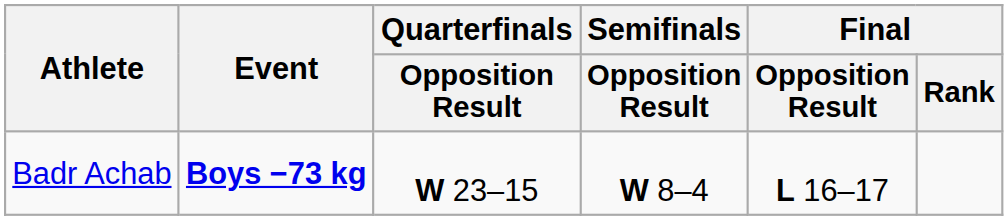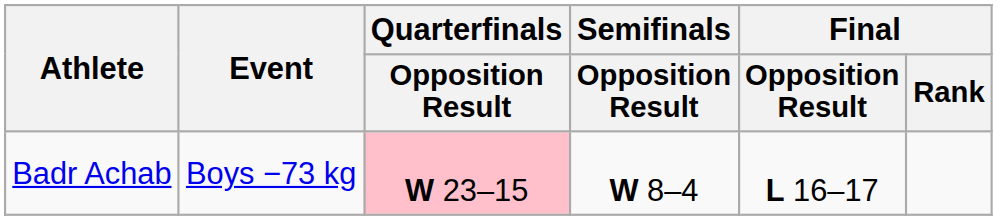 <table class="wikitable" style="font-size:90%;">
 <tr>
 <th rowspan=2>Athlete</th>
 <th rowspan=2>Event</th>
 <th>Quarterfinals</th>
 <th>Semifinals</th>
 <th colspan=2>Final</th>
 </tr>
 <tr style="font-size:95%">
 <th>Opposition<br>Result</th>
 <th>Opposition<br>Result</th>
 <th>Opposition<br>Result</th>
 <th>Rank</th>
 </tr>
 <tr align=center>
 <td align=left><a href='#'>Badr Achab</a></td>
-<td align=left><strong><a href='#'>Boys −73 kg</a></strong></td>
-<td><br> <strong>W</strong> 23–15</td>
+<td align=left><a href='#'>Boys −73 kg</a></td>
+<td style="background: pink;"><br> <strong>W</strong> 23–15</td>
 <td><br> <strong>W</strong> 8–4</td>
 <td><br> <strong>L</strong> 16–17</td>
 <td></td>
 </tr>
 </table>
